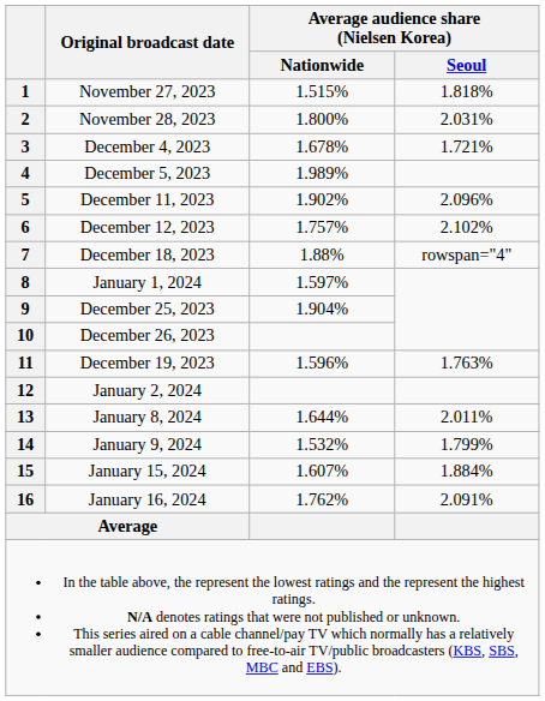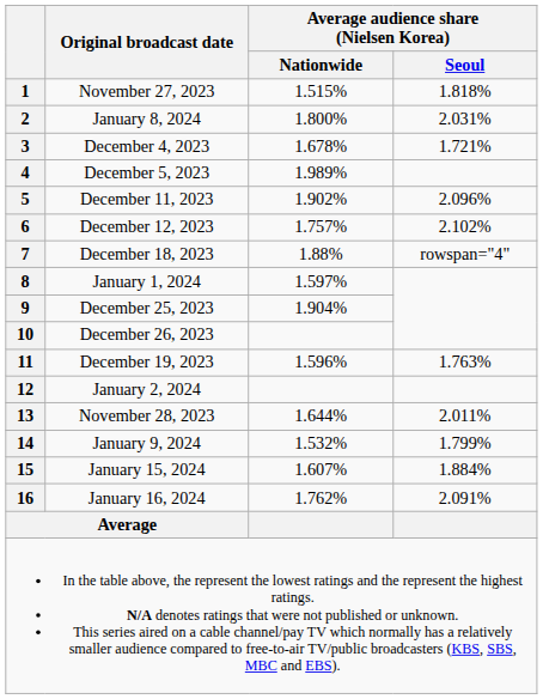 <table class="wikitable" style="margin-left:auto; margin-right:auto; width:500px; text-align:center">
 <tr>
 <th scope="col" rowspan="2"></th>
 <th scope="col" rowspan="2">Original broadcast date</th>
 <th scope="col" colspan="2">Average audience share<br>(Nielsen Korea)</th>
 </tr>
 <tr>
 <th scope="col" style="width:8em">Nationwide</th>
 <th scope="col" style="width:8em"><a href='#'>Seoul</a></th>
 </tr>
 <tr>
 <th scope="row">1</th>
 <td>November 27, 2023</td>
 <td>1.515% </td>
 <td>1.818% </td>
 </tr>
 <tr>
 <th scope="row">2</th>
-<td>November 28, 2023</td>
+<td>January 8, 2024</td>
 <td>1.800% </td>
 <td>2.031% </td>
 </tr>
 <tr>
 <th scope="row">3</th>
 <td>December 4, 2023</td>
 <td>1.678% </td>
 <td>1.721% </td>
 </tr>
 <tr>
 <th scope="row">4</th>
 <td>December 5, 2023</td>
 <td>1.989% </td>
 <td><strong></strong> </td>
 </tr>
 <tr>
 <th scope="row">5</th>
 <td>December 11, 2023</td>
 <td>1.902% </td>
 <td>2.096% </td>
 </tr>
 <tr>
 <th scope="row">6</th>
 <td>December 12, 2023</td>
 <td>1.757% </td>
 <td>2.102% </td>
 </tr>
 <tr>
 <th scope="row">7</th>
 <td>December 18, 2023</td>
 <td>1.88% </td>
 <td>rowspan="4" </td>
 </tr>
 <tr>
 <th scope="row">8</th>
 <td>January 1, 2024</td>
 <td>1.597% </td>
 </tr>
 <tr>
 <th scope="row">9</th>
 <td>December 25, 2023</td>
 <td>1.904% </td>
 </tr>
 <tr>
 <th scope="row">10</th>
 <td>December 26, 2023</td>
 <td><strong></strong> </td>
 </tr>
 <tr>
 <th scope="row">11</th>
 <td>December 19, 2023</td>
 <td>1.596% </td>
 <td>1.763% </td>
 </tr>
 <tr>
 <th scope="row">12</th>
 <td>January 2, 2024</td>
 <td><strong></strong> </td>
 <td><strong></strong> </td>
 </tr>
 <tr>
 <th scope="row">13</th>
-<td>January 8, 2024</td>
+<td>November 28, 2023</td>
 <td>1.644% </td>
 <td>2.011% </td>
 </tr>
 <tr>
 <th scope="row">14</th>
 <td>January 9, 2024</td>
 <td>1.532% </td>
 <td>1.799% </td>
 </tr>
 <tr>
 <th scope="row">15</th>
 <td>January 15, 2024</td>
 <td>1.607% </td>
 <td>1.884% </td>
 </tr>
 <tr>
 <th scope="row">16</th>
 <td>January 16, 2024</td>
 <td>1.762% </td>
 <td>2.091% </td>
 </tr>
 <tr>
 <th scope="row" colspan="2">Average</th>
 <th></th>
 <th></th>
 </tr>
 <tr>
 <td colspan="4" style="font-size:85%"><br><ul><li>In the table above, the <strong></strong> represent the lowest ratings and the <strong></strong> represent the highest ratings.</li><li><strong>N/A</strong> denotes ratings that were not published or unknown.</li><li>This series aired on a cable channel/pay TV which normally has a relatively smaller audience compared to free-to-air TV/public broadcasters (<a href='#'>KBS</a>, <a href='#'>SBS</a>, <a href='#'>MBC</a> and <a href='#'>EBS</a>).</li></ul></td>
 </tr>
 </table>
